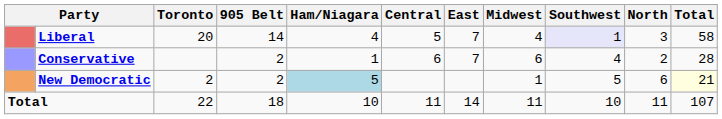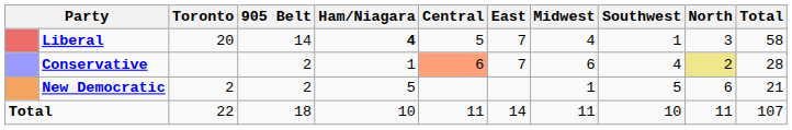 <table class="wikitable">
 <tr>
 <th colspan="2">Party</th>
 <th>Toronto</th>
 <th>905 Belt</th>
 <th>Ham/Niagara</th>
 <th>Central</th>
 <th>East</th>
 <th>Midwest</th>
 <th>Southwest</th>
 <th>North</th>
 <th>Total</th>
 </tr>
 <tr align = "right">
 <td bgcolor="#EA6D6A">   </td>
 <td align="left"><strong><a href='#'>Liberal</a></strong></td>
 <td>20</td>
 <td>14</td>
-<td>4</td>
+<td><strong>4</strong></td>
 <td>5</td>
 <td>7</td>
 <td>4</td>
-<td style="background: lavender;">1</td>
+<td>1</td>
 <td>3</td>
 <td>58</td>
 </tr>
 <tr align = "right">
 <td bgcolor="#9999FF">   </td>
 <td align="left"><strong><a href='#'>Conservative</a></strong></td>
 <td></td>
 <td>2</td>
 <td>1</td>
-<td>6</td>
+<td style="background: lightsalmon;">6</td>
 <td>7</td>
 <td>6</td>
 <td>4</td>
-<td>2</td>
+<td style="background: khaki;">2</td>
 <td>28</td>
 </tr>
 <tr align = "right">
 <td bgcolor="sandybrown">   </td>
 <td align="left"><strong><a href='#'>New Democratic</a></strong></td>
 <td>2</td>
 <td>2</td>
-<td style="background: lightblue;">5</td>
+<td>5</td>
 <td></td>
 <td></td>
 <td>1</td>
 <td>5</td>
 <td>6</td>
-<td style="background: lightyellow;">21</td>
+<td>21</td>
 </tr>
 <tr align = "right">
 <td colspan=2 align="left"><strong>Total</strong></td>
 <td>22</td>
 <td>18</td>
 <td>10</td>
 <td>11</td>
 <td>14</td>
 <td>11</td>
 <td>10</td>
 <td>11</td>
 <td>107</td>
 </tr>
 </table>
